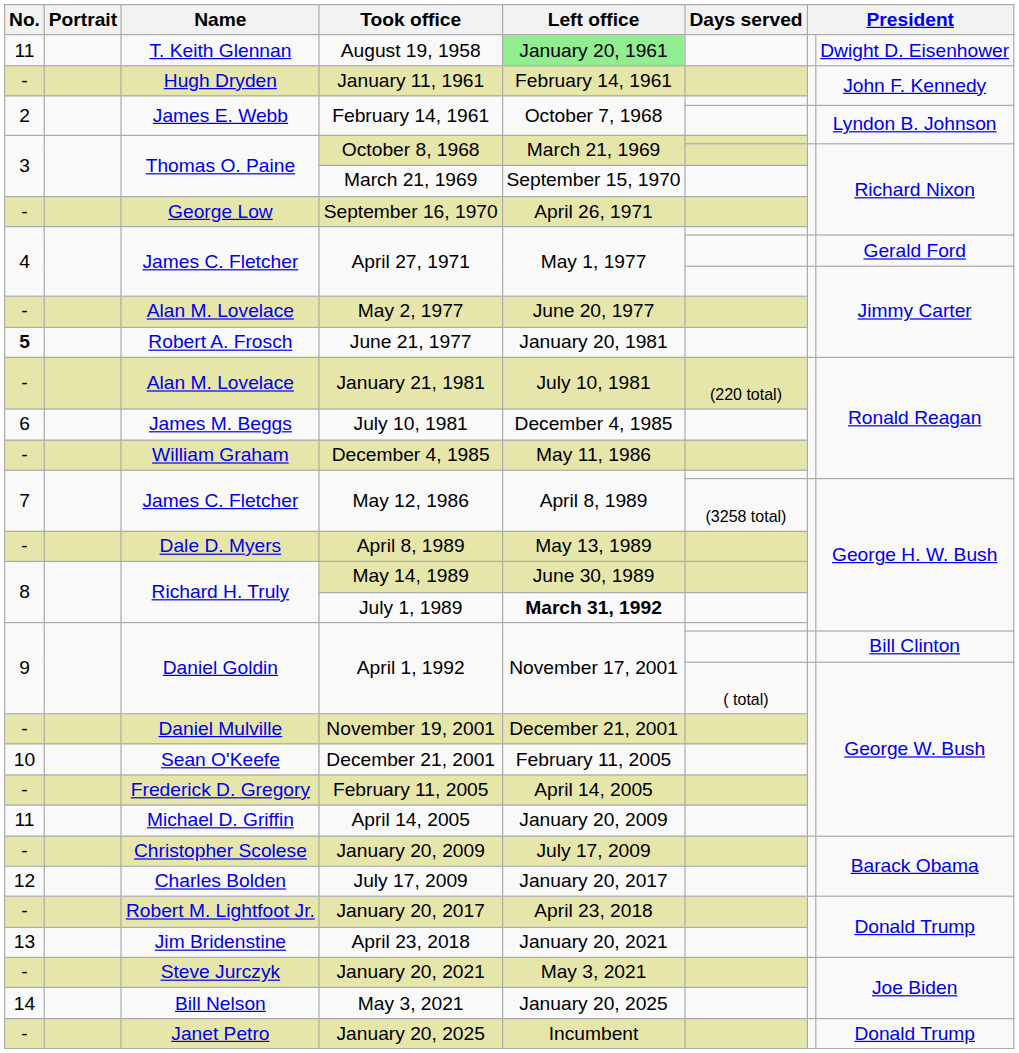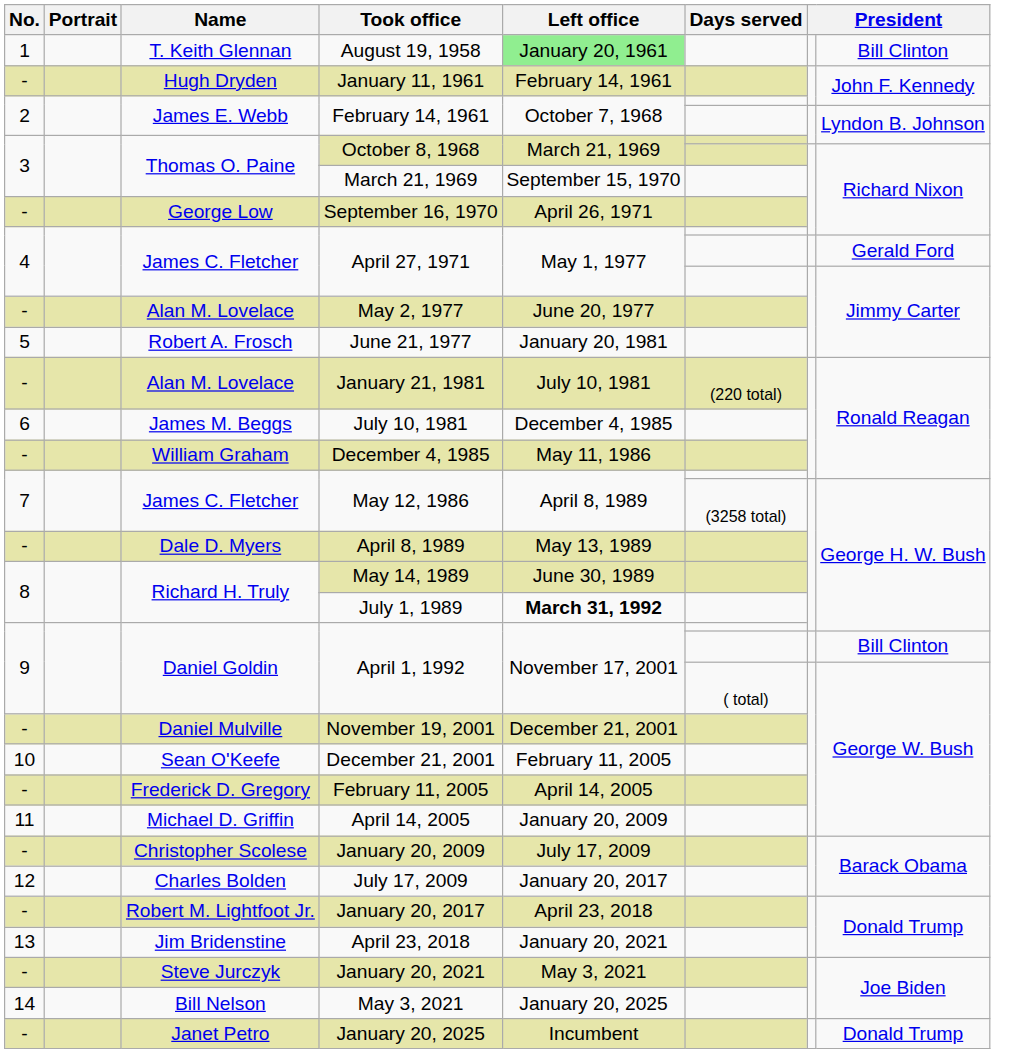 <table class="wikitable" style="clear:right; text-align:center">
 <tr>
 <th>No.</th>
 <th>Portrait</th>
 <th>Name</th>
 <th>Took office</th>
 <th>Left office</th>
 <th>Days served</th>
 <th colspan="2"><a href='#'>President</a><br></th>
 </tr>
 <tr>
-<td>11</td>
+<td>1</td>
 <td></td>
 <td><a href='#'>T. Keith Glennan</a></td>
 <td>August 19, 1958</td>
 <td style="background: lightgreen;">January 20, 1961</td>
 <td></td>
 <td style="background: "></td>
-<td><a href='#'>Dwight D. Eisenhower</a></td>
+<td><a href='#'>Bill Clinton</a></td>
 </tr>
 <tr>
 <td style="background:#E6E6AA;">-</td>
 <td style="background:#E6E6AA;"></td>
 <td style="background:#E6E6AA;"><a href='#'>Hugh Dryden</a></td>
 <td style="background:#E6E6AA;">January 11, 1961</td>
 <td style="background:#E6E6AA;">February 14, 1961</td>
 <td style="background:#E6E6AA;"></td>
 <td rowspan=2 style="background: "></td>
 <td rowspan=2><a href='#'>John F. Kennedy</a></td>
 </tr>
 <tr>
 <td rowspan=2>2</td>
 <td rowspan=2></td>
 <td rowspan=2><a href='#'>James E. Webb</a></td>
 <td rowspan=2>February 14, 1961</td>
 <td rowspan=2>October 7, 1968</td>
 <td></td>
 </tr>
 <tr>
 <td><br></td>
 <td rowspan=2 style="background: "></td>
 <td rowspan=2><a href='#'>Lyndon B. Johnson</a></td>
 </tr>
 <tr>
 <td rowspan=3>3</td>
 <td rowspan=3></td>
 <td rowspan=3><a href='#'>Thomas O. Paine</a></td>
 <td rowspan=2 style="background: #E6E6AA;">October 8, 1968</td>
 <td rowspan=2 style="background: #E6E6AA;">March 21, 1969</td>
 <td style="background: #E6E6AA;"></td>
 </tr>
 <tr>
 <td style="background: #E6E6AA;"></td>
 <td rowspan=4 style="background: "></td>
 <td rowspan=4><a href='#'>Richard Nixon</a></td>
 </tr>
 <tr>
 <td>March 21, 1969</td>
 <td>September 15, 1970</td>
 <td><br></td>
 </tr>
 <tr>
 <td style="background: #E6E6AA;">-</td>
 <td style="background: #E6E6AA;"></td>
 <td style="background: #E6E6AA;"><a href='#'>George Low</a></td>
 <td style="background: #E6E6AA;">September 16, 1970</td>
 <td style="background: #E6E6AA;">April 26, 1971</td>
 <td style="background: #E6E6AA;"></td>
 </tr>
 <tr>
 <td rowspan=3>4</td>
 <td rowspan=3></td>
 <td rowspan=3><a href='#'>James C. Fletcher</a></td>
 <td rowspan=3>April 27, 1971</td>
 <td rowspan=3>May 1, 1977</td>
 <td></td>
 </tr>
 <tr>
 <td></td>
 <td style="background: "></td>
 <td><a href='#'>Gerald Ford</a></td>
 </tr>
 <tr>
 <td><br></td>
 <td rowspan=3 style="background: "></td>
 <td rowspan=3><a href='#'>Jimmy Carter</a></td>
 </tr>
 <tr>
 <td style="background: #E6E6AA;">-</td>
 <td style="background: #E6E6AA;"></td>
 <td style="background: #E6E6AA;"><a href='#'>Alan M. Lovelace</a></td>
 <td style="background: #E6E6AA;">May 2, 1977</td>
 <td style="background: #E6E6AA;">June 20, 1977</td>
 <td style="background: #E6E6AA;"></td>
 </tr>
 <tr>
-<td><strong>5</strong></td>
+<td>5</td>
 <td></td>
 <td><a href='#'>Robert A. Frosch</a></td>
 <td>June 21, 1977</td>
 <td>January 20, 1981</td>
 <td></td>
 </tr>
 <tr>
 <td style="background: #E6E6AA;">-</td>
 <td style="background: #E6E6AA;"></td>
 <td style="background: #E6E6AA;"><a href='#'>Alan M. Lovelace</a></td>
 <td style="background: #E6E6AA;">January 21, 1981</td>
 <td style="background: #E6E6AA;">July 10, 1981</td>
 <td style="background: #E6E6AA;"><br><small>(220 total)</small></td>
 <td rowspan=4 style="background: "></td>
 <td rowspan=4><a href='#'>Ronald Reagan</a></td>
 </tr>
 <tr>
 <td>6</td>
 <td></td>
 <td><a href='#'>James M. Beggs</a></td>
 <td>July 10, 1981</td>
 <td>December 4, 1985</td>
 <td></td>
 </tr>
 <tr>
 <td style="background: #E6E6AA;">-</td>
 <td style="background: #E6E6AA;"></td>
 <td style="background: #E6E6AA;"><a href='#'>William Graham</a></td>
 <td style="background: #E6E6AA;">December 4, 1985</td>
 <td style="background: #E6E6AA;">May 11, 1986</td>
 <td style="background: #E6E6AA;"></td>
 </tr>
 <tr>
 <td rowspan=2>7</td>
 <td rowspan=2></td>
 <td rowspan=2><a href='#'>James C. Fletcher</a></td>
 <td rowspan=2>May 12, 1986</td>
 <td rowspan=2>April 8, 1989</td>
 <td></td>
 </tr>
 <tr>
 <td><br><small>(3258 total)</small></td>
 <td rowspan=5 style="background: "></td>
 <td rowspan=5><a href='#'>George H. W. Bush</a></td>
 </tr>
 <tr>
 <td style="background: #E6E6AA;">-</td>
 <td style="background: #E6E6AA;"></td>
 <td style="background: #E6E6AA;"><a href='#'>Dale D. Myers</a></td>
 <td style="background: #E6E6AA;">April 8, 1989</td>
 <td style="background: #E6E6AA;">May 13, 1989</td>
 <td style="background: #E6E6AA;"></td>
 </tr>
 <tr>
 <td rowspan=2>8</td>
 <td rowspan=2></td>
 <td rowspan=2><a href='#'>Richard H. Truly</a></td>
 <td style="background: #E6E6AA;">May 14, 1989</td>
 <td style="background: #E6E6AA;">June 30, 1989</td>
 <td style="background: #E6E6AA;"></td>
 </tr>
 <tr>
 <td>July 1, 1989</td>
 <td><strong>March 31, 1992</strong></td>
 <td><br></td>
 </tr>
 <tr>
 <td rowspan=3>9</td>
 <td rowspan=3></td>
 <td rowspan=3><a href='#'>Daniel Goldin</a></td>
 <td rowspan=3>April 1, 1992</td>
 <td rowspan=3>November 17, 2001</td>
 <td></td>
 </tr>
 <tr>
 <td></td>
 <td style="background: "></td>
 <td><a href='#'>Bill Clinton</a></td>
 </tr>
 <tr>
 <td><br><small>( total)</small></td>
 <td rowspan=5 style="background: "></td>
 <td rowspan=5><a href='#'>George W. Bush</a></td>
 </tr>
 <tr>
 <td style="background: #E6E6AA;">-</td>
 <td style="background: #E6E6AA;"></td>
 <td style="background: #E6E6AA;"><a href='#'>Daniel Mulville</a></td>
 <td style="background: #E6E6AA;">November 19, 2001</td>
 <td style="background: #E6E6AA;">December 21, 2001</td>
 <td style="background: #E6E6AA;"></td>
 </tr>
 <tr>
 <td>10</td>
 <td></td>
 <td><a href='#'>Sean O'Keefe</a></td>
 <td>December 21, 2001</td>
 <td>February 11, 2005</td>
 <td></td>
 </tr>
 <tr>
 <td style="background: #E6E6AA;">-</td>
 <td style="background: #E6E6AA;"></td>
 <td style="background: #E6E6AA;"><a href='#'>Frederick D. Gregory</a></td>
 <td style="background: #E6E6AA;">February 11, 2005</td>
 <td style="background: #E6E6AA;">April 14, 2005</td>
 <td style="background: #E6E6AA;"></td>
 </tr>
 <tr>
 <td>11</td>
 <td></td>
 <td><a href='#'>Michael D. Griffin</a></td>
 <td>April 14, 2005</td>
 <td>January 20, 2009</td>
 <td></td>
 </tr>
 <tr>
 <td style="background: #E6E6AA;">-</td>
 <td style="background: #E6E6AA;"></td>
 <td style="background: #E6E6AA;"><a href='#'>Christopher Scolese</a></td>
 <td style="background: #E6E6AA;">January 20, 2009</td>
 <td style="background: #E6E6AA;">July 17, 2009</td>
 <td style="background: #E6E6AA;"></td>
 <td rowspan=2 style="background: "></td>
 <td rowspan=2><a href='#'>Barack Obama</a></td>
 </tr>
 <tr>
 <td>12</td>
 <td></td>
 <td><a href='#'>Charles Bolden</a></td>
 <td>July 17, 2009</td>
 <td>January 20, 2017</td>
 <td></td>
 </tr>
 <tr>
 <td style="background: #E6E6AA;">-</td>
 <td style="background: #E6E6AA;"></td>
 <td style="background: #E6E6AA;"><a href='#'>Robert M. Lightfoot Jr.</a></td>
 <td style="background: #E6E6AA;">January 20, 2017</td>
 <td style="background: #E6E6AA;">April 23, 2018</td>
 <td style="background: #E6E6AA;"></td>
 <td rowspan=2 style="background: "></td>
 <td rowspan=2><a href='#'>Donald Trump</a></td>
 </tr>
 <tr>
 <td>13</td>
 <td></td>
 <td><a href='#'>Jim Bridenstine</a></td>
 <td>April 23, 2018</td>
 <td>January 20, 2021</td>
 <td></td>
 </tr>
 <tr>
 <td style="background: #E6E6AA;">-</td>
 <td style="background: #E6E6AA;"></td>
 <td style="background: #E6E6AA;"><a href='#'>Steve Jurczyk</a></td>
 <td style="background: #E6E6AA;">January 20, 2021</td>
 <td style="background: #E6E6AA;">May 3, 2021</td>
 <td style="background: #E6E6AA;"></td>
 <td rowspan="2" style="background: "></td>
 <td rowspan="2"><a href='#'>Joe Biden</a></td>
 </tr>
 <tr>
 <td>14</td>
 <td></td>
 <td><a href='#'>Bill Nelson</a></td>
 <td>May 3, 2021</td>
 <td>January 20, 2025</td>
 <td></td>
 </tr>
 <tr>
 <td style="background: #E6E6AA;">-</td>
 <td style="background: #E6E6AA;"></td>
 <td style="background: #E6E6AA;"><a href='#'>Janet Petro</a></td>
 <td style="background: #E6E6AA;">January 20, 2025</td>
 <td style="background: #E6E6AA;">Incumbent</td>
 <td style="background: #E6E6AA;"></td>
 <td style="background: "></td>
 <td><a href='#'>Donald Trump</a></td>
 </tr>
 </table>
